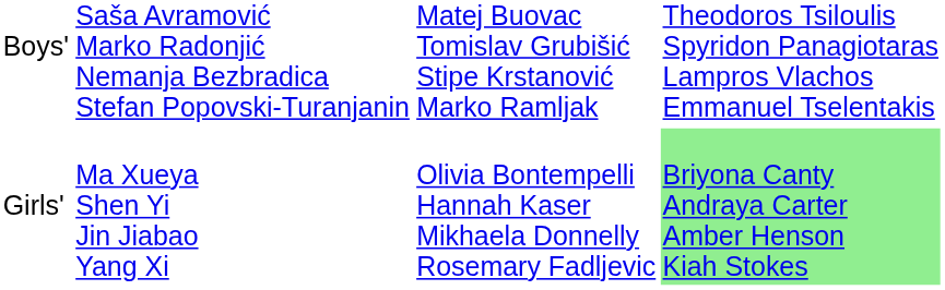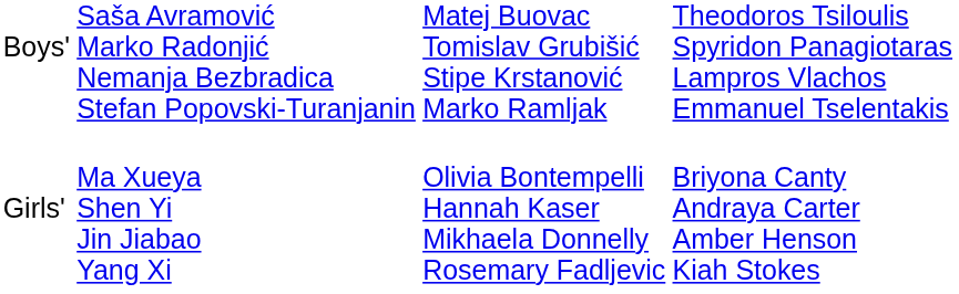 <table>
 <tr>
 <td>Boys' <br></td>
 <td><br><a href='#'>Saša Avramović</a><br><a href='#'>Marko Radonjić</a><br><a href='#'>Nemanja Bezbradica</a><br><a href='#'>Stefan Popovski-Turanjanin</a></td>
 <td><br><a href='#'>Matej Buovac</a><br><a href='#'>Tomislav Grubišić</a><br><a href='#'>Stipe Krstanović</a><br><a href='#'>Marko Ramljak</a></td>
 <td><br><a href='#'>Theodoros Tsiloulis</a><br><a href='#'>Spyridon Panagiotaras</a><br><a href='#'>Lampros Vlachos</a><br><a href='#'>Emmanuel Tselentakis</a></td>
 </tr>
 <tr>
 <td>Girls' <br></td>
 <td><br><a href='#'>Ma Xueya</a><br><a href='#'>Shen Yi</a><br><a href='#'>Jin Jiabao</a><br><a href='#'>Yang Xi</a></td>
 <td><br><a href='#'>Olivia Bontempelli</a><br><a href='#'>Hannah Kaser</a><br><a href='#'>Mikhaela Donnelly</a><br><a href='#'>Rosemary Fadljevic</a></td>
-<td style="background: lightgreen;"><br><a href='#'>Briyona Canty</a><br><a href='#'>Andraya Carter</a><br><a href='#'>Amber Henson</a><br><a href='#'>Kiah Stokes</a></td>
+<td><br><a href='#'>Briyona Canty</a><br><a href='#'>Andraya Carter</a><br><a href='#'>Amber Henson</a><br><a href='#'>Kiah Stokes</a></td>
 </tr>
 </table>
